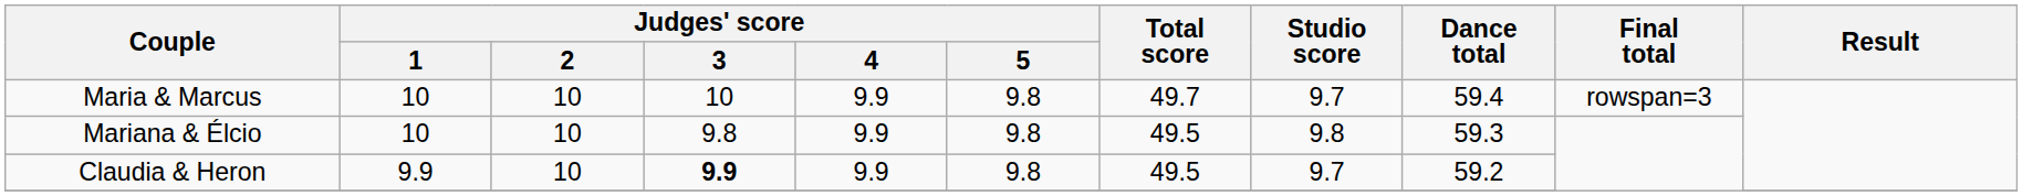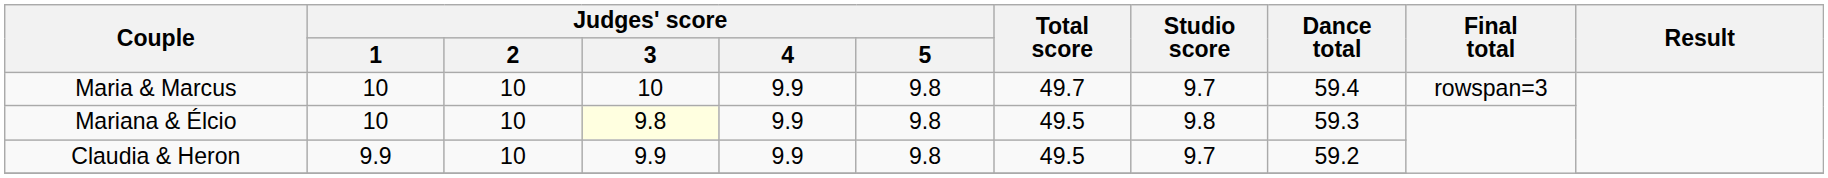 <table class="wikitable" style="font-size:100%; line-height:16px; text-align:center" width="100%">
 <tr>
 <th rowspan=2 width="11.0%">Couple</th>
 <th colspan=5 width="25.0%">Judges' score</th>
 <th rowspan=2 width="05.0%">Total<br>score</th>
 <th rowspan=2 width="05.0%">Studio<br>score</th>
 <th rowspan=2 width="05.0%">Dance<br>total</th>
 <th rowspan=2 width="05.0%">Final<br>total</th>
 <th rowspan=2 width="09.0%">Result</th>
 </tr>
 <tr>
 <th width="05.0%">1</th>
 <th width="05.0%">2</th>
 <th width="05.0%">3</th>
 <th width="05.0%">4</th>
 <th width="05.0%">5</th>
 </tr>
 <tr>
 <td>Maria & Marcus</td>
 <td>10</td>
 <td>10</td>
 <td>10</td>
 <td>9.9</td>
 <td>9.8</td>
 <td>49.7</td>
 <td>9.7</td>
 <td>59.4</td>
 <td>rowspan=3 </td>
 <td rowspan=3></td>
 </tr>
 <tr>
 <td>Mariana & Élcio</td>
 <td>10</td>
 <td>10</td>
-<td>9.8</td>
+<td style="background: lightyellow;">9.8</td>
 <td>9.9</td>
 <td>9.8</td>
 <td>49.5</td>
 <td>9.8</td>
 <td>59.3</td>
 </tr>
 <tr>
 <td>Claudia & Heron</td>
 <td>9.9</td>
 <td>10</td>
-<td><strong>9.9</strong></td>
+<td>9.9</td>
 <td>9.9</td>
 <td>9.8</td>
 <td>49.5</td>
 <td>9.7</td>
 <td>59.2</td>
 </tr>
 <tr>
 </tr>
 </table>
